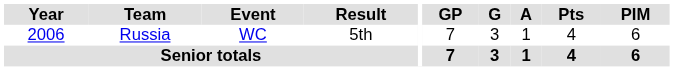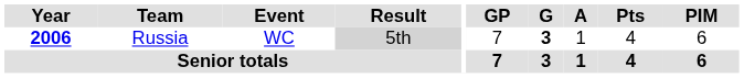 <table border="0" cellpadding="1" cellspacing="0" ID="Table3" style="text-align:center; width:40em">
 <tr ALIGN="center" bgcolor="#e0e0e0">
 <th>Year</th>
 <th>Team</th>
 <th>Event</th>
 <th>Result</th>
 <th rowspan="99" bgcolor="#ffffff"></th>
 <th>GP</th>
 <th>G</th>
 <th>A</th>
 <th>Pts</th>
 <th>PIM</th>
 </tr>
 <tr>
-<td><a href='#'>2006</a></td>
+<td><strong><a href='#'>2006</a></strong></td>
 <td><a href='#'>Russia</a></td>
 <td><a href='#'>WC</a></td>
-<td>5th</td>
+<td style="background: lightgrey;">5th</td>
 <td>7</td>
-<td>3</td>
+<td><strong>3</strong></td>
 <td>1</td>
 <td>4</td>
 <td>6</td>
 </tr>
 <tr bgcolor="#e0e0e0">
 <th colspan="4">Senior totals</th>
 <th>7</th>
 <th>3</th>
 <th>1</th>
 <th>4</th>
 <th>6</th>
 </tr>
 </table>
